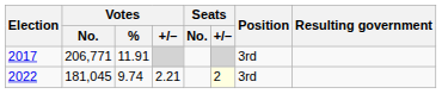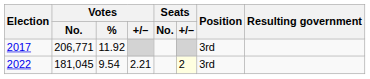 <table class="wikitable">
 <tr>
 <th rowspan="2" style="background-color:">Election</th>
 <th colspan="3" style="background-color:">Votes</th>
 <th colspan="2" style="background-color:">Seats</th>
 <th rowspan="2" style="background-color:">Position</th>
 <th rowspan="2" style="background-color:">Resulting government</th>
 </tr>
 <tr>
 <th style="background-color:">No.</th>
 <th style="background-color:">%</th>
 <th style="background-color:">+/–</th>
 <th style="background-color:">No.</th>
 <th style="background-color:">+/–</th>
 </tr>
 <tr>
 <td><a href='#'>2017</a></td>
 <td>206,771</td>
-<td>11.91</td>
+<td>11.92</td>
 <td bgcolor="lightgray"></td>
 <td></td>
 <td bgcolor="lightgray"></td>
 <td>3rd</td>
 <td></td>
 </tr>
 <tr>
 <td><a href='#'>2022</a></td>
 <td>181,045</td>
-<td>9.74</td>
+<td>9.54</td>
 <td> 2.21</td>
 <td></td>
 <td style="background: lightyellow;"> 2</td>
 <td> 3rd</td>
 <td></td>
 </tr>
 </table>
